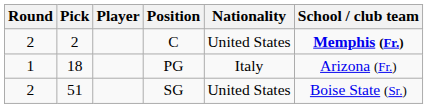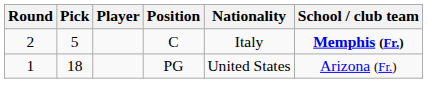 <table class="wikitable sortable sortable">
 <tr>
 <th>Round</th>
 <th>Pick</th>
 <th>Player</th>
 <th>Position</th>
 <th>Nationality</th>
 <th>School / club team</th>
 </tr>
 <tr style="text-align: center">
 <td>2</td>
-<td>2</td>
+<td>5</td>
 <td></td>
 <td>C</td>
-<td> United States</td>
+<td> Italy</td>
 <td><strong><a href='#'>Memphis</a> <small>(<a href='#'>Fr.</a>)</small></strong></td>
 </tr>
 <tr style="text-align: center">
 <td>1</td>
 <td>18</td>
 <td></td>
 <td>PG</td>
-<td> Italy</td>
+<td> United States</td>
 <td><a href='#'>Arizona</a> <small>(<a href='#'>Fr.</a>)</small></td>
 </tr>
-<tr style="text-align: center">
-<td>2</td>
-<td>51</td>
-<td></td>
-<td>SG</td>
-<td> United States</td>
-<td><a href='#'>Boise State</a>  <small>(<a href='#'>Sr.</a>)</small></td>
-</tr>
 </table>
